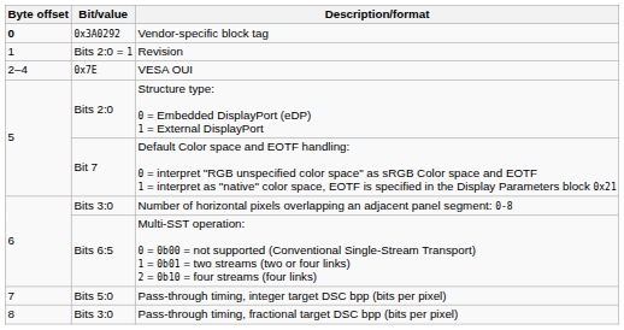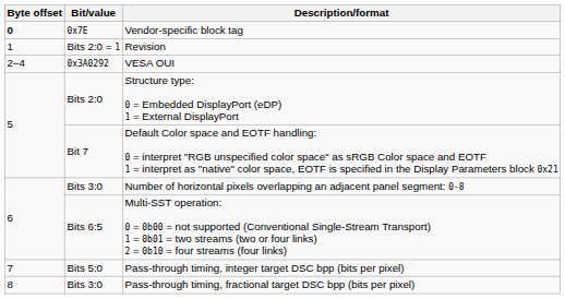 <table class=wikitable>
 <tr>
 <th>Byte offset</th>
 <th>Bit/value</th>
 <th>Description/format</th>
 </tr>
 <tr>
 <td><strong>0</strong></td>
-<td><code>0x3A0292</code></td>
+<td><code>0x7E</code></td>
 <td>Vendor-specific block tag</td>
 </tr>
 <tr>
 <td>1</td>
 <td>Bits 2:0 = <code>1</code></td>
 <td>Revision</td>
 </tr>
 <tr>
 <td>2–4</td>
-<td><code>0x7E</code></td>
+<td><code>0x3A0292</code></td>
 <td>VESA OUI</td>
 </tr>
 <tr>
 <td rowspan=2>5</td>
 <td>Bits 2:0</td>
 <td>Structure type:<br><br><code>0</code> = Embedded DisplayPort (eDP)<br> <code>1</code> = External DisplayPort<br></td>
 </tr>
 <tr>
 <td>Bit 7</td>
 <td>Default Color space and EOTF handling:<br><br><code>0</code> = interpret "RGB unspecified color space" as sRGB Color space and EOTF<br> <code>1</code> = interpret as "native" color space, EOTF is specified in the Display Parameters block <code>0x21</code><br></td>
 </tr>
 <tr>
 <td rowspan=2>6</td>
 <td>Bits 3:0</td>
 <td>Number of horizontal pixels overlapping an adjacent panel segment: <code>0-8</code><br></td>
 </tr>
 <tr>
 <td>Bits 6:5</td>
 <td>Multi-SST operation:<br><br><code>0</code> = <code>0b00</code> = not supported (Conventional Single-Stream Transport)<br> <code>1</code> = <code>0b01</code> = two streams (two or four links)<br> <code>2</code> = <code>0b10</code> = four streams (four links)<br></td>
 </tr>
 <tr>
 <td>7</td>
 <td>Bits 5:0</td>
 <td>Pass-through timing, integer target DSC bpp (bits per pixel)</td>
 </tr>
 <tr>
 <td>8</td>
 <td>Bits 3:0</td>
 <td>Pass-through timing, fractional target DSC bpp (bits per pixel)</td>
 </tr>
 </table>
